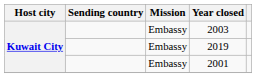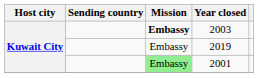 <table class="wikitable plainrowheaders">
 <tr>
 <th scope="col">Host city</th>
 <th scope="col">Sending country</th>
 <th scope="col">Mission</th>
 <th scope="col">Year closed</th>
 <th scope="col"></th>
 </tr>
 <tr>
 <th rowspan="3"><a href='#'>Kuwait City</a></th>
 <td></td>
-<td style="text-align:center;">Embassy</td>
+<td style="text-align:center;"><strong>Embassy</strong></td>
 <td style="text-align:center;">2003</td>
 <td style="text-align:center;"></td>
 </tr>
 <tr>
 <td></td>
 <td style="text-align:center;">Embassy</td>
 <td style="text-align:center;">2019</td>
 <td style="text-align:center;"></td>
 </tr>
 <tr>
 <td></td>
-<td style="text-align:center;">Embassy</td>
+<td style="background: lightgreen; text-align:center;">Embassy</td>
 <td style="text-align:center;">2001</td>
 <td style="text-align:center;"></td>
 </tr>
 <tr>
 </tr>
 </table>
